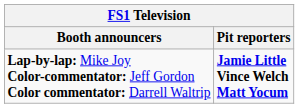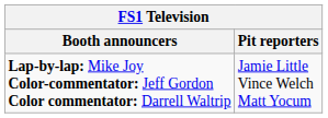 <table class="wikitable" style="font-size: 95%">
 <tr>
 <th colspan="2"><a href='#'>FS1</a> Television</th>
 </tr>
 <tr>
 <th>Booth announcers</th>
 <th>Pit reporters</th>
 </tr>
 <tr>
 <td><strong>Lap-by-lap:</strong> <a href='#'>Mike Joy</a> <br><strong>Color-commentator:</strong> <a href='#'>Jeff Gordon</a> <br><strong>Color commentator:</strong> <a href='#'>Darrell Waltrip</a></td>
-<td><strong><a href='#'>Jamie Little</a><br>Vince Welch<br><a href='#'>Matt Yocum</a></strong></td>
+<td><a href='#'>Jamie Little</a><br>Vince Welch<br><a href='#'>Matt Yocum</a></td>
 </tr>
 </table>
